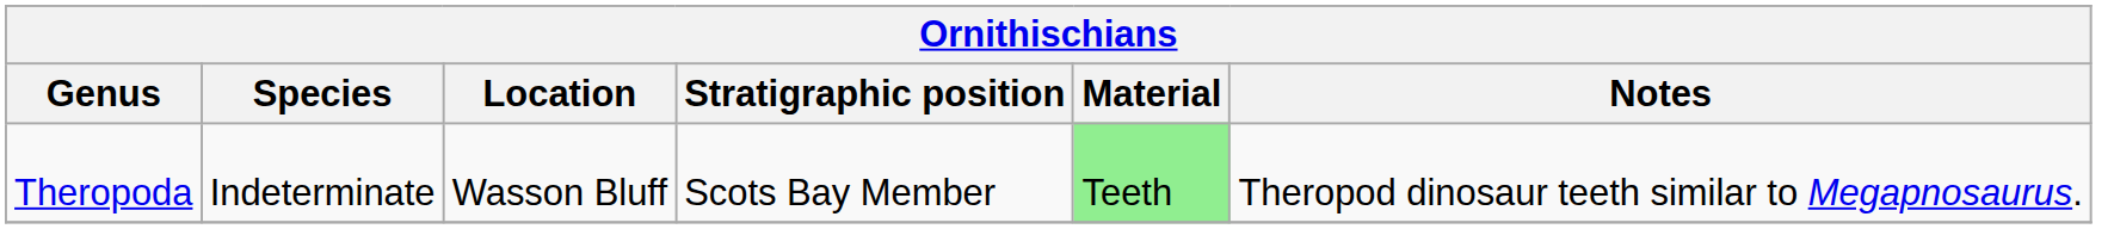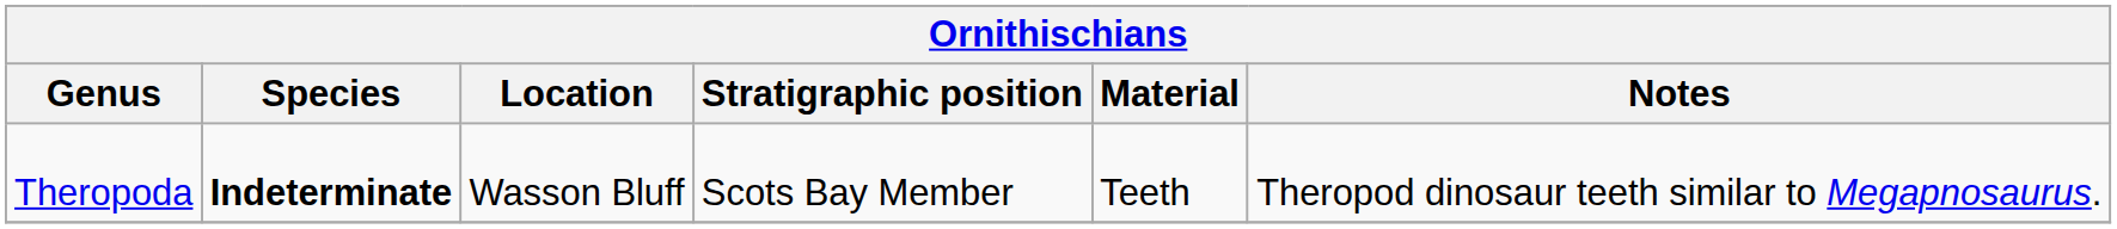 <table class="wikitable" align="center">
 <tr>
 <th colspan="7" align="center"><strong><a href='#'>Ornithischians</a></strong></th>
 </tr>
 <tr>
 <th>Genus</th>
 <th>Species</th>
 <th>Location</th>
 <th>Stratigraphic position</th>
 <th>Material</th>
 <th>Notes</th>
 </tr>
 <tr>
 <td><br><a href='#'>Theropoda</a></td>
-<td><br>Indeterminate</td>
+<td><strong><br>Indeterminate</strong></td>
 <td><br>Wasson Bluff</td>
 <td><br>Scots Bay Member</td>
-<td style="background: lightgreen;"><br>Teeth</td>
+<td><br>Teeth</td>
 <td><br>Theropod dinosaur teeth similar to <em><a href='#'>Megapnosaurus</a></em>.</td>
 </tr>
 <tr>
 </tr>
 </table>
